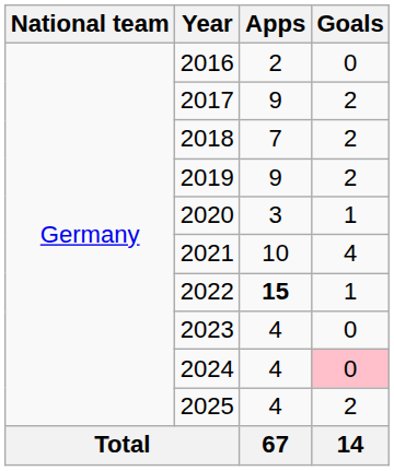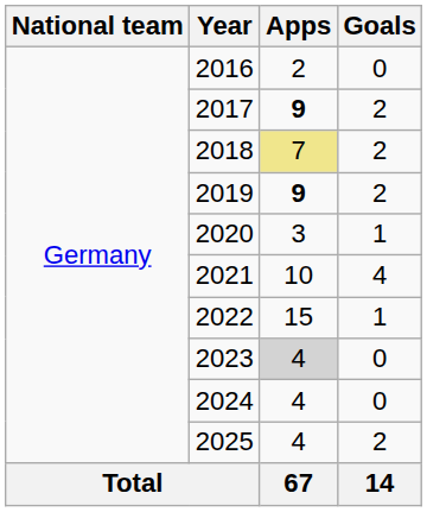 <table class="wikitable" style="text-align:center">
 <tr>
 <th>National team</th>
 <th>Year</th>
 <th>Apps</th>
 <th>Goals</th>
 </tr>
 <tr>
 <td rowspan="10"><a href='#'>Germany</a></td>
 <td>2016</td>
 <td>2</td>
 <td>0</td>
 </tr>
 <tr>
 <td>2017</td>
-<td>9</td>
+<td><strong>9</strong></td>
 <td>2</td>
 </tr>
 <tr>
 <td>2018</td>
-<td>7</td>
+<td style="background: khaki;">7</td>
 <td>2</td>
 </tr>
 <tr>
 <td>2019</td>
-<td>9</td>
+<td><strong>9</strong></td>
 <td>2</td>
 </tr>
 <tr>
 <td>2020</td>
 <td>3</td>
 <td>1</td>
 </tr>
 <tr>
 <td>2021</td>
 <td>10</td>
 <td>4</td>
 </tr>
 <tr>
 <td>2022</td>
-<td><strong>15</strong></td>
+<td>15</td>
 <td>1</td>
 </tr>
 <tr>
 <td>2023</td>
-<td>4</td>
+<td style="background: lightgrey;">4</td>
 <td>0</td>
 </tr>
 <tr>
 <td>2024</td>
 <td>4</td>
-<td style="background: pink;">0</td>
+<td>0</td>
 </tr>
 <tr>
 <td>2025</td>
 <td>4</td>
 <td>2</td>
 </tr>
 <tr>
 <th colspan="2">Total</th>
 <th>67</th>
 <th>14</th>
 </tr>
 </table>
